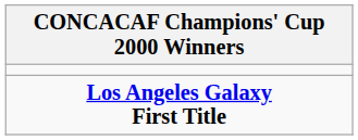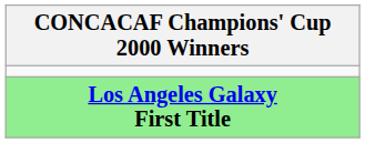 <table class="wikitable" style="text-align: center; margin: 0 auto; width: 20%">
 <tr>
 <th>CONCACAF Champions' Cup<br>2000 Winners</th>
 </tr>
 <tr>
 <td></td>
 </tr>
 <tr>
-<td><strong><a href='#'>Los Angeles Galaxy</a></strong><br><strong>First Title</strong></td>
+<td style="background: lightgreen;"><strong><a href='#'>Los Angeles Galaxy</a></strong><br><strong>First Title</strong></td>
 </tr>
 </table>
